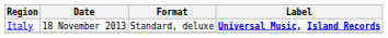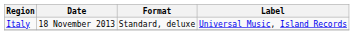 <table class=wikitable>
 <tr>
 <th>Region</th>
 <th>Date</th>
 <th>Format</th>
 <th>Label</th>
 </tr>
 <tr>
 <td><a href='#'>Italy</a></td>
 <td>18 November 2013</td>
 <td>Standard, deluxe</td>
-<td><strong><a href='#'>Universal Music</a>, <a href='#'>Island Records</a></strong></td>
+<td><a href='#'>Universal Music</a>, <a href='#'>Island Records</a></td>
 </tr>
 <tr>
 </tr>
 </table>
